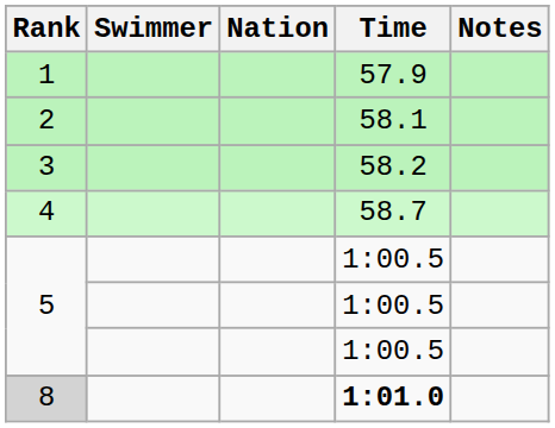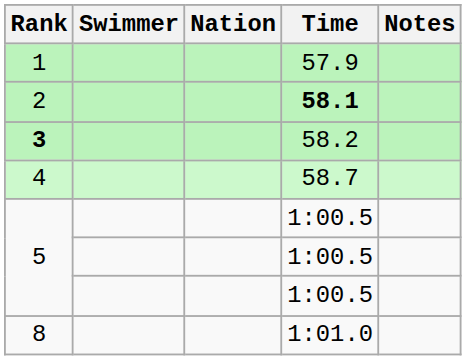 <table class="wikitable sortable" style="text-align:center">
 <tr>
 <th>Rank</th>
 <th>Swimmer</th>
 <th>Nation</th>
 <th>Time</th>
 <th>Notes</th>
 </tr>
 <tr bgcolor=bbf3bb>
 <td>1</td>
 <td align=left></td>
 <td align=left></td>
 <td>57.9</td>
 <td></td>
 </tr>
 <tr bgcolor=bbf3bb>
 <td>2</td>
 <td align=left></td>
 <td align=left></td>
-<td>58.1</td>
+<td><strong>58.1</strong></td>
 <td></td>
 </tr>
 <tr bgcolor=bbf3bb>
-<td>3</td>
+<td><strong>3</strong></td>
 <td align=left></td>
 <td align=left></td>
 <td>58.2</td>
 <td></td>
 </tr>
 <tr bgcolor=ccf9cc>
 <td>4</td>
 <td align=left></td>
 <td align=left></td>
 <td>58.7</td>
 <td></td>
 </tr>
 <tr>
 <td rowspan=3>5</td>
 <td align=left></td>
 <td align=left></td>
 <td data-sort-value=60.5>1:00.5</td>
 <td></td>
 </tr>
 <tr>
 <td align=left></td>
 <td align=left></td>
 <td data-sort-value=60.5>1:00.5</td>
 <td></td>
 </tr>
 <tr>
 <td align=left></td>
 <td align=left></td>
 <td data-sort-value=60.5>1:00.5</td>
 <td></td>
 </tr>
 <tr>
-<td style="background: lightgrey;">8</td>
+<td>8</td>
 <td align=left></td>
 <td align=left></td>
-<td data-sort-value=61.0><strong>1:01.0</strong></td>
+<td data-sort-value=61.0>1:01.0</td>
 <td></td>
 </tr>
 </table>
